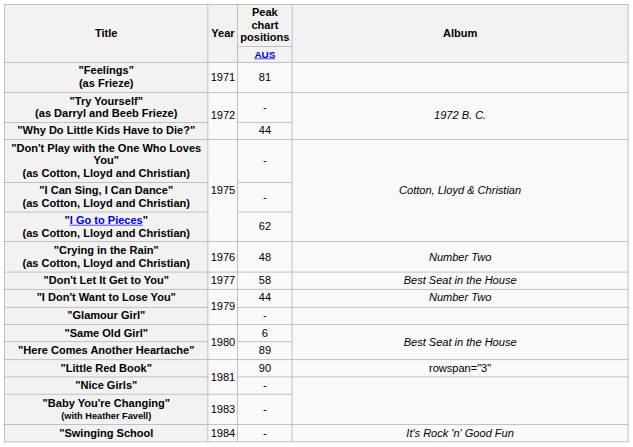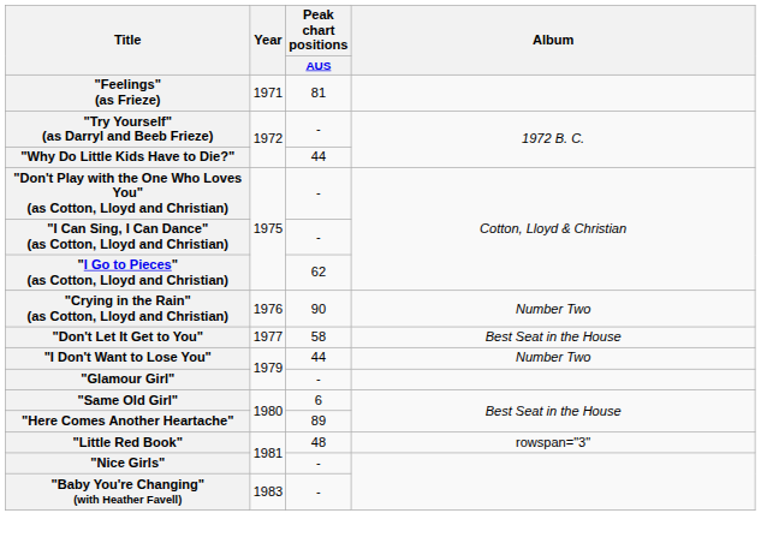 <table class="wikitable plainrowheaders" style="text-align:center;">
 <tr>
 <th scope="col" rowspan="2" style="width:18em;">Title</th>
 <th scope="col" rowspan="2" style="width:1em;">Year</th>
 <th scope="col" colspan="1">Peak chart positions</th>
 <th scope="col" rowspan="2" style="width:30em;">Album</th>
 </tr>
 <tr>
 <th scope="col" style="width:3em;font-size:90%;"><a href='#'>AUS</a></th>
 </tr>
 <tr>
 <th scope="row">"Feelings" <br> (as Frieze)</th>
 <td>1971</td>
 <td>81</td>
 <td></td>
 </tr>
 <tr>
 <th scope="row">"Try Yourself" <br> (as Darryl and Beeb Frieze)</th>
 <td rowspan="2">1972</td>
 <td>-</td>
 <td rowspan="2"><em>1972 B. C.</em></td>
 </tr>
 <tr>
 <th scope="row">"Why Do Little Kids Have to Die?"</th>
 <td>44</td>
 </tr>
 <tr>
 <th scope="row">"Don't Play with the One Who Loves You" <br> (as Cotton, Lloyd and Christian)</th>
 <td rowspan="3">1975</td>
 <td>-</td>
 <td rowspan="3"><em>Cotton, Lloyd & Christian</em></td>
 </tr>
 <tr>
 <th scope="row">"I Can Sing, I Can Dance" <br> (as Cotton, Lloyd and Christian)</th>
 <td>-</td>
 </tr>
 <tr>
 <th scope="row">"<a href='#'>I Go to Pieces</a>" <br> (as Cotton, Lloyd and Christian)</th>
 <td>62</td>
 </tr>
 <tr>
 <th scope="row">"Crying in the Rain" <br> (as Cotton, Lloyd and Christian)</th>
 <td>1976</td>
-<td>48</td>
+<td>90</td>
 <td><em>Number Two</em></td>
 </tr>
 <tr>
 <th scope="row">"Don't Let It Get to You"</th>
 <td>1977</td>
 <td>58</td>
 <td><em>Best Seat in the House</em></td>
 </tr>
 <tr>
 <th scope="row">"I Don't Want to Lose You"</th>
 <td rowspan="2">1979</td>
 <td>44</td>
 <td><em>Number Two</em></td>
 </tr>
 <tr>
 <th scope="row">"Glamour Girl"</th>
 <td>-</td>
 </tr>
 <tr>
 <th scope="row">"Same Old Girl"</th>
 <td rowspan="2">1980</td>
 <td>6</td>
 <td rowspan="2"><em>Best Seat in the House</em></td>
 </tr>
 <tr>
 <th scope="row">"Here Comes Another Heartache"</th>
 <td>89</td>
 </tr>
 <tr>
 <th scope="row">"Little Red Book"</th>
 <td rowspan="2">1981</td>
-<td>90</td>
+<td>48</td>
 <td>rowspan="3" </td>
 </tr>
 <tr>
 <th scope="row">"Nice Girls"</th>
 <td>-</td>
 </tr>
 <tr>
 <th scope="row">"Baby You're Changing" <br> <small>(with Heather Favell)</small></th>
 <td>1983</td>
 <td>-</td>
 </tr>
-<tr>
-<th scope="row">"Swinging School</th>
-<td>1984</td>
-<td>-</td>
-<td><em>It's Rock 'n' Good Fun</em></td>
-</tr>
 </table>
